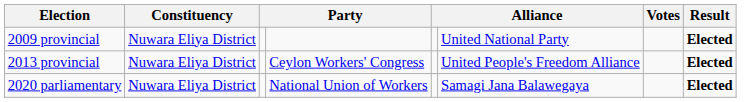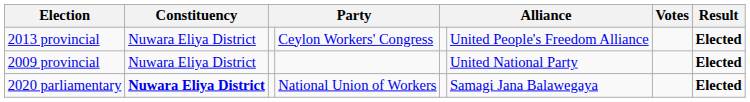 <table class="wikitable" style="text-align:left;">
 <tr>
 <th scope=col>Election</th>
 <th scope=col>Constituency</th>
 <th scope=col colspan="2">Party</th>
 <th scope=col colspan="2">Alliance</th>
 <th scope=col>Votes</th>
 <th scope=col>Result</th>
+</tr>
+<tr>
+<td><a href='#'>2013 provincial</a></td>
+<td><a href='#'>Nuwara Eliya District</a></td>
+<td style="background:"></td>
+<td><a href='#'>Ceylon Workers' Congress</a></td>
+<td style="background:"></td>
+<td><a href='#'>United People's Freedom Alliance</a></td>
+<td align=right></td>
+<td><strong>Elected</strong></td>
 </tr>
 <tr>
 <td><a href='#'>2009 provincial</a></td>
 <td><a href='#'>Nuwara Eliya District</a></td>
 <td></td>
 <td></td>
 <td style="background:"></td>
 <td><a href='#'>United National Party</a></td>
 <td align=right></td>
 <td><strong>Elected</strong></td>
 </tr>
 <tr>
-<td><a href='#'>2013 provincial</a></td>
-<td><a href='#'>Nuwara Eliya District</a></td>
-<td style="background:"></td>
-<td><a href='#'>Ceylon Workers' Congress</a></td>
-<td style="background:"></td>
-<td><a href='#'>United People's Freedom Alliance</a></td>
-<td align=right></td>
-<td><strong>Elected</strong></td>
-</tr>
-<tr>
 <td><a href='#'>2020 parliamentary</a></td>
-<td><a href='#'>Nuwara Eliya District</a></td>
+<td><strong><a href='#'>Nuwara Eliya District</a></strong></td>
 <td style="background:"></td>
 <td><a href='#'>National Union of Workers</a></td>
 <td style="background:"></td>
 <td><a href='#'>Samagi Jana Balawegaya</a></td>
 <td align=right></td>
 <td><strong>Elected</strong></td>
 </tr>
 </table>
